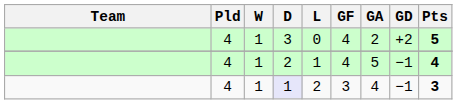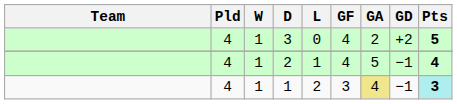 <table class="wikitable" style="text-align:center;">
 <tr>
 <th width=180>Team</th>
 <th width=20>Pld</th>
 <th width=20>W</th>
 <th width=20>D</th>
 <th width=20>L</th>
 <th width=20>GF</th>
 <th width=20>GA</th>
 <th width=20>GD</th>
 <th width=20>Pts</th>
 </tr>
 <tr bgcolor="ccffcc">
 <td align="left"></td>
 <td>4</td>
 <td>1</td>
 <td>3</td>
 <td>0</td>
 <td>4</td>
 <td>2</td>
 <td>+2</td>
 <td><strong>5</strong></td>
 </tr>
 <tr>
 </tr>
 <tr bgcolor="ccffcc">
 <td align="left"></td>
 <td>4</td>
 <td>1</td>
 <td>2</td>
 <td>1</td>
 <td>4</td>
 <td>5</td>
 <td>−1</td>
 <td><strong>4</strong></td>
 </tr>
 <tr>
 <td align="left"></td>
 <td>4</td>
 <td>1</td>
-<td style="background: lavender;">1</td>
+<td>1</td>
 <td>2</td>
 <td>3</td>
-<td>4</td>
+<td style="background: khaki;">4</td>
 <td>−1</td>
-<td><strong>3</strong></td>
+<td style="background: paleturquoise;"><strong>3</strong></td>
 </tr>
 </table>
